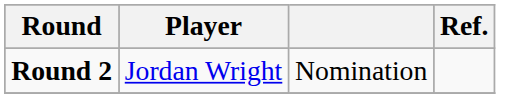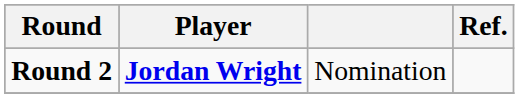 <table class="wikitable" style="text-align:left">
 <tr>
 <th>Round</th>
 <th>Player</th>
 <th></th>
 <th>Ref.</th>
 </tr>
 <tr>
 <td align="center"><strong>Round 2</strong></td>
-<td> <a href='#'>Jordan Wright</a></td>
+<td><strong> <a href='#'>Jordan Wright</a></strong></td>
 <td>Nomination</td>
 <td align="center"></td>
 </tr>
 <tr>
 </tr>
 </table>
